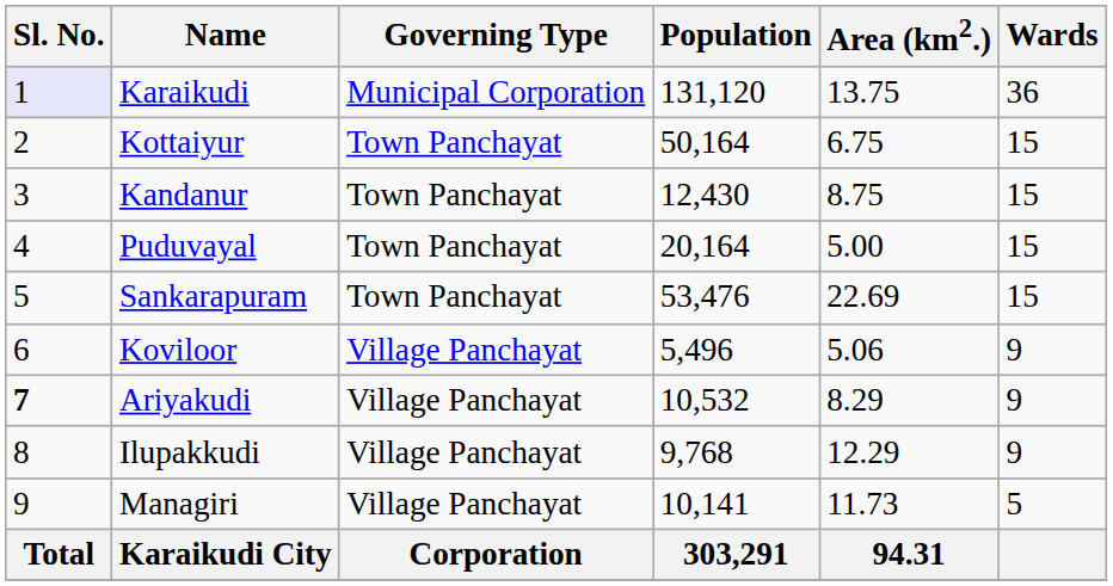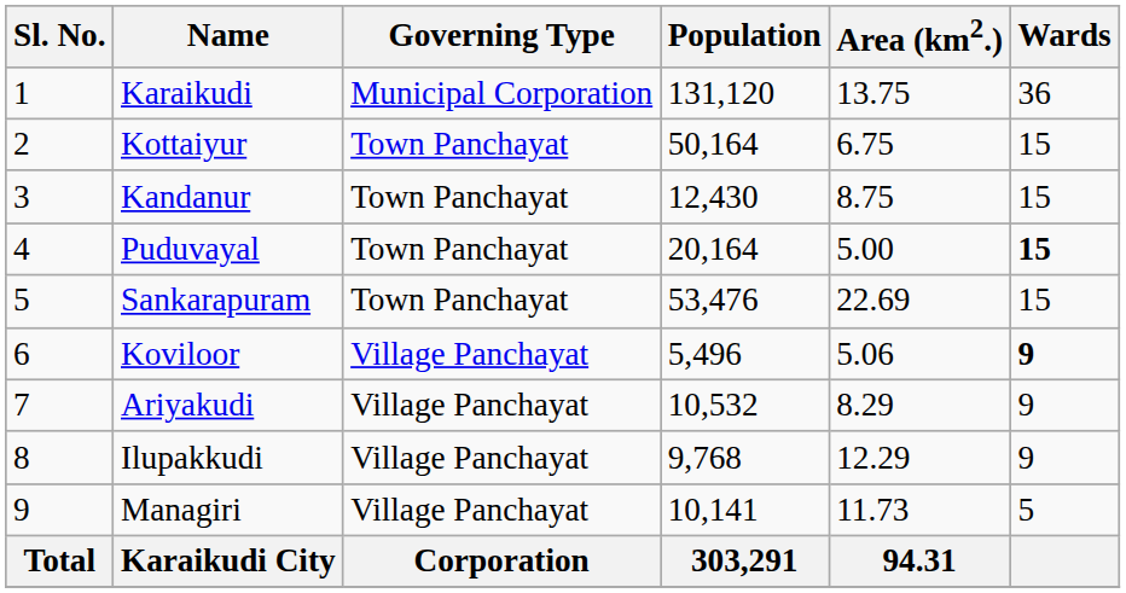 <table class="wikitable sortable">
 <tr>
 <th>Sl. No.</th>
 <th>Name</th>
 <th>Governing Type</th>
 <th>Population</th>
 <th>Area (km<sup>2</sup>.)</th>
 <th>Wards</th>
 </tr>
 <tr>
-<td style="background: lavender;">1</td>
+<td>1</td>
 <td><a href='#'>Karaikudi</a></td>
 <td><a href='#'>Municipal Corporation</a></td>
 <td>131,120</td>
 <td>13.75</td>
 <td>36</td>
 </tr>
 <tr>
 <td>2</td>
 <td><a href='#'>Kottaiyur</a></td>
 <td><a href='#'>Town Panchayat</a></td>
 <td>50,164</td>
 <td>6.75</td>
 <td>15</td>
 </tr>
 <tr>
 <td>3</td>
 <td><a href='#'>Kandanur</a></td>
 <td>Town Panchayat</td>
 <td>12,430</td>
 <td>8.75</td>
 <td>15</td>
 </tr>
 <tr>
 <td>4</td>
 <td><a href='#'>Puduvayal</a></td>
 <td>Town Panchayat</td>
 <td>20,164</td>
 <td>5.00</td>
-<td>15</td>
+<td><strong>15</strong></td>
 </tr>
 <tr>
 <td>5</td>
 <td><a href='#'>Sankarapuram</a></td>
 <td>Town Panchayat</td>
 <td>53,476</td>
 <td>22.69</td>
 <td>15</td>
 </tr>
 <tr>
 <td>6</td>
 <td><a href='#'>Koviloor</a></td>
 <td><a href='#'>Village Panchayat</a></td>
 <td>5,496</td>
 <td>5.06</td>
-<td>9</td>
+<td><strong>9</strong></td>
 </tr>
 <tr>
-<td><strong>7</strong></td>
+<td>7</td>
 <td><a href='#'>Ariyakudi</a></td>
 <td>Village Panchayat</td>
 <td>10,532</td>
 <td>8.29</td>
 <td>9</td>
 </tr>
 <tr>
 <td>8</td>
 <td>Ilupakkudi</td>
 <td>Village Panchayat</td>
 <td>9,768</td>
 <td>12.29</td>
 <td>9</td>
 </tr>
 <tr>
 <td>9</td>
 <td>Managiri</td>
 <td>Village Panchayat</td>
 <td>10,141</td>
 <td>11.73</td>
 <td>5</td>
 </tr>
 <tr>
 <th>Total</th>
 <th>Karaikudi City</th>
 <th>Corporation</th>
 <th>303,291</th>
 <th>94.31</th>
 <th></th>
 </tr>
 <tr>
 </tr>
 </table>
